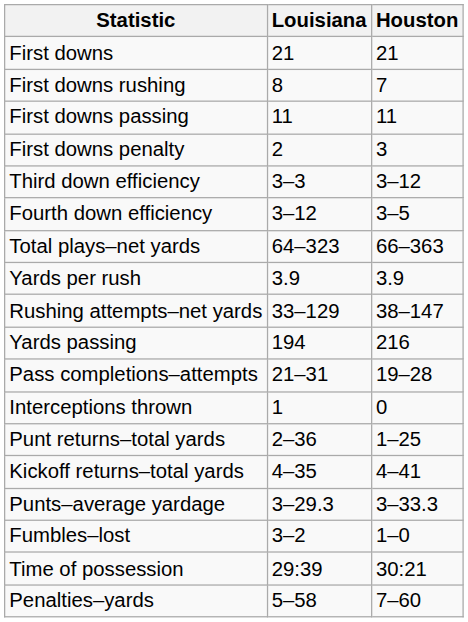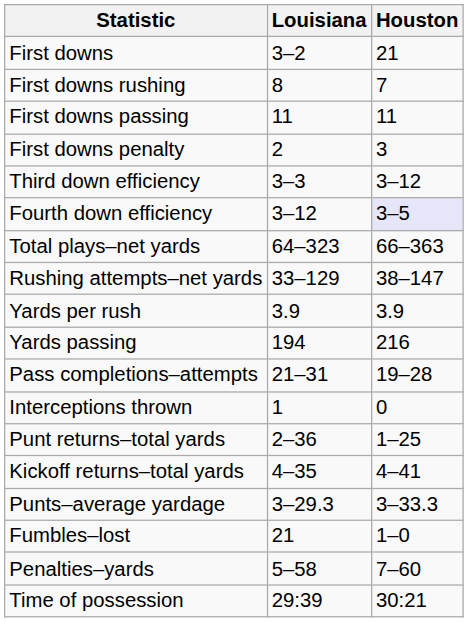 <table class="wikitable">
 <tr>
 <th>Statistic</th>
 <th><strong>Louisiana</strong></th>
 <th><strong>Houston</strong></th>
 </tr>
 <tr>
 <td>First downs</td>
-<td>21</td>
+<td>3–2</td>
 <td>21</td>
 </tr>
 <tr>
 <td>First downs rushing</td>
 <td>8</td>
 <td>7</td>
 </tr>
 <tr>
 <td>First downs passing</td>
 <td>11</td>
 <td>11</td>
 </tr>
 <tr>
 <td>First downs penalty</td>
 <td>2</td>
 <td>3</td>
 </tr>
 <tr>
 <td>Third down efficiency</td>
 <td>3–3</td>
 <td>3–12</td>
 </tr>
 <tr>
 <td>Fourth down efficiency</td>
 <td>3–12</td>
-<td>3–5</td>
+<td style="background: lavender;">3–5</td>
 </tr>
 <tr>
 <td>Total plays–net yards</td>
 <td>64–323</td>
 <td>66–363</td>
 </tr>
 <tr>
+<td>Rushing attempts–net yards</td>
+<td>33–129</td>
+<td>38–147</td>
+</tr>
+<tr>
 <td>Yards per rush</td>
 <td>3.9</td>
 <td>3.9</td>
-</tr>
-<tr>
-<td>Rushing attempts–net yards</td>
-<td>33–129</td>
-<td>38–147</td>
 </tr>
 <tr>
 <td>Yards passing</td>
 <td>194</td>
 <td>216</td>
 </tr>
 <tr>
 <td>Pass completions–attempts</td>
 <td>21–31</td>
 <td>19–28</td>
 </tr>
 <tr>
 <td>Interceptions thrown</td>
 <td>1</td>
 <td>0</td>
 </tr>
 <tr>
 <td>Punt returns–total yards</td>
 <td>2–36</td>
 <td>1–25</td>
 </tr>
 <tr>
 <td>Kickoff returns–total yards</td>
 <td>4–35</td>
 <td>4–41</td>
 </tr>
 <tr>
 <td>Punts–average yardage</td>
 <td>3–29.3</td>
 <td>3–33.3</td>
 </tr>
 <tr>
 <td>Fumbles–lost</td>
-<td>3–2</td>
+<td>21</td>
 <td>1–0</td>
+</tr>
+<tr>
+<td>Penalties–yards</td>
+<td>5–58</td>
+<td>7–60</td>
 </tr>
 <tr>
 <td>Time of possession</td>
 <td>29:39</td>
 <td>30:21</td>
 </tr>
-<tr>
-<td>Penalties–yards</td>
-<td>5–58</td>
-<td>7–60</td>
-</tr>
 </table>
